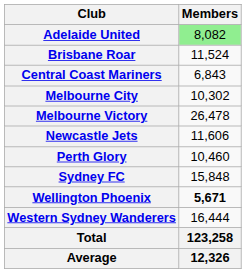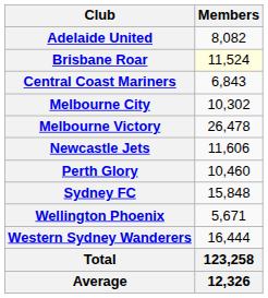 <table class="wikitable plainrowheaders sortable" style="text-align:center;">
 <tr>
 <th>Club</th>
 <th>Members</th>
 </tr>
 <tr>
 <th scope="row"><a href='#'>Adelaide United</a></th>
-<td style="background: lightgreen;">8,082</td>
+<td>8,082</td>
 </tr>
 <tr>
 <th scope="row"><a href='#'>Brisbane Roar</a></th>
-<td>11,524</td>
+<td style="background: lightyellow;">11,524</td>
 </tr>
 <tr>
 <th scope="row"><a href='#'>Central Coast Mariners</a></th>
 <td>6,843</td>
 </tr>
 <tr>
 <th scope="row"><a href='#'>Melbourne City</a></th>
 <td>10,302</td>
 </tr>
 <tr>
 <th scope="row"><a href='#'>Melbourne Victory</a></th>
 <td>26,478</td>
 </tr>
 <tr>
 <th scope="row"><a href='#'>Newcastle Jets</a></th>
 <td>11,606</td>
 </tr>
 <tr>
 <th scope="row"><a href='#'>Perth Glory</a></th>
 <td>10,460</td>
 </tr>
 <tr>
 <th scope="row"><a href='#'>Sydney FC</a></th>
 <td>15,848</td>
 </tr>
 <tr>
 <th scope="row"><a href='#'>Wellington Phoenix</a></th>
-<td><strong>5,671</strong></td>
+<td>5,671</td>
 </tr>
 <tr>
 <th scope="row"><a href='#'>Western Sydney Wanderers</a></th>
 <td>16,444</td>
 </tr>
 <tr>
 <th>Total</th>
 <th>123,258</th>
 </tr>
 <tr>
 <th>Average</th>
 <th>12,326</th>
 </tr>
 </table>
